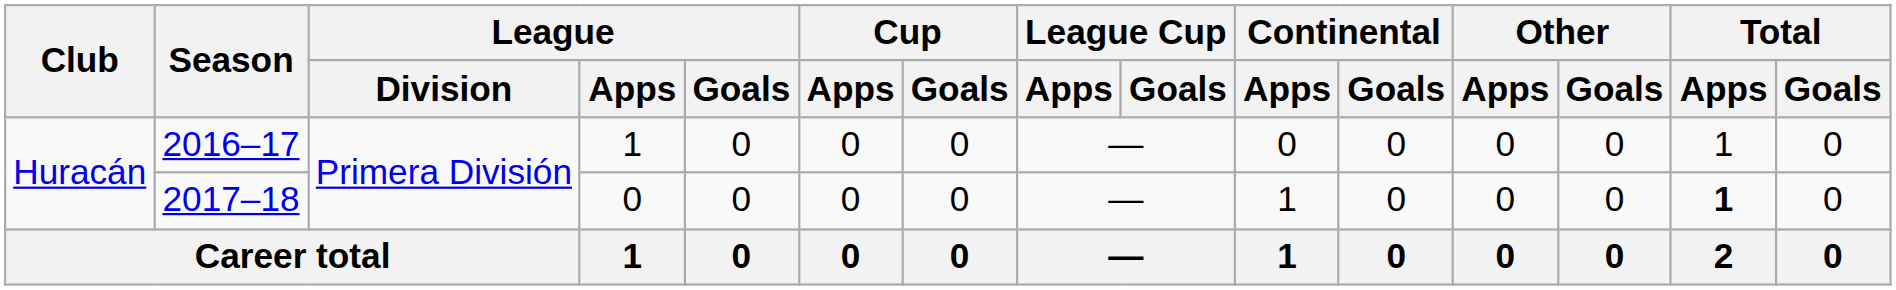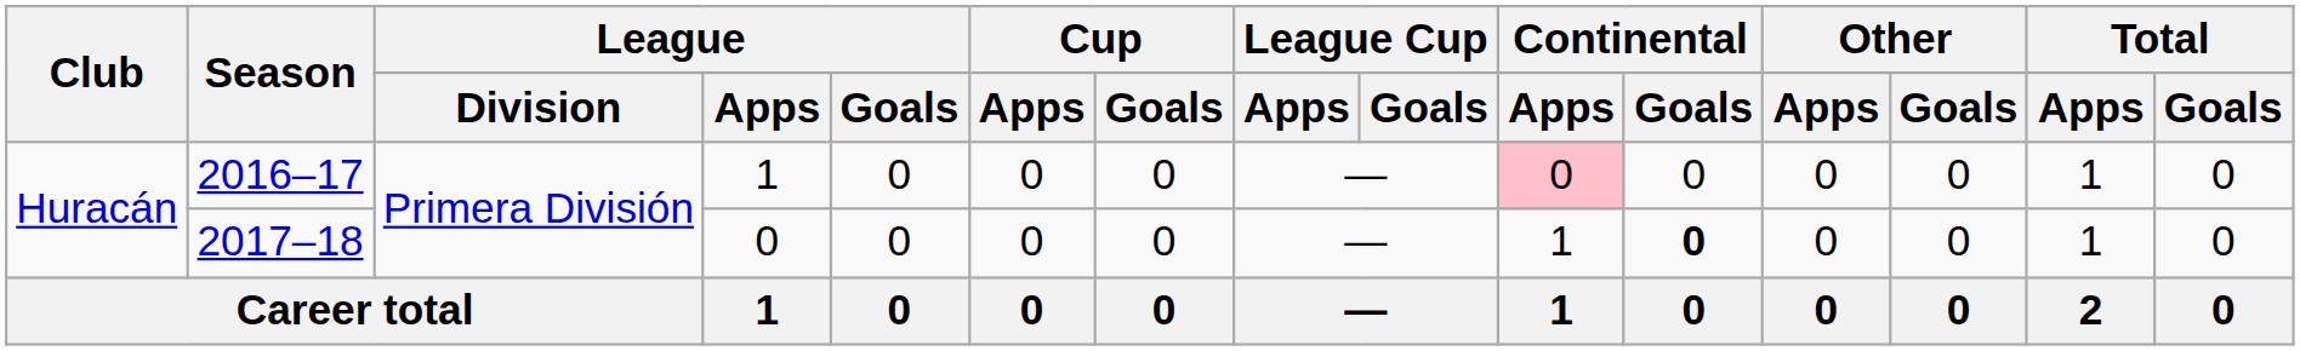 <table class="wikitable" style="text-align:center">
 <tr>
 <th rowspan="2">Club</th>
 <th rowspan="2">Season</th>
 <th colspan="3">League</th>
 <th colspan="2">Cup</th>
 <th colspan="2">League Cup</th>
 <th colspan="2">Continental</th>
 <th colspan="2">Other</th>
 <th colspan="2">Total</th>
 </tr>
 <tr>
 <th>Division</th>
 <th>Apps</th>
 <th>Goals</th>
 <th>Apps</th>
 <th>Goals</th>
 <th>Apps</th>
 <th>Goals</th>
 <th>Apps</th>
 <th>Goals</th>
 <th>Apps</th>
 <th>Goals</th>
 <th>Apps</th>
 <th>Goals</th>
 </tr>
 <tr>
 <td rowspan="2"><a href='#'>Huracán</a></td>
 <td><a href='#'>2016–17</a></td>
 <td rowspan="2"><a href='#'>Primera División</a></td>
 <td>1</td>
 <td>0</td>
 <td>0</td>
 <td>0</td>
 <td colspan="2">—</td>
-<td>0</td>
+<td style="background: pink;">0</td>
 <td>0</td>
 <td>0</td>
 <td>0</td>
 <td>1</td>
 <td>0</td>
 </tr>
 <tr>
 <td><a href='#'>2017–18</a></td>
 <td>0</td>
 <td>0</td>
 <td>0</td>
 <td>0</td>
 <td colspan="2">—</td>
 <td>1</td>
+<td><strong>0</strong></td>
 <td>0</td>
 <td>0</td>
-<td>0</td>
-<td><strong>1</strong></td>
+<td>1</td>
 <td>0</td>
 </tr>
 <tr>
 <th colspan="3">Career total</th>
 <th>1</th>
 <th>0</th>
 <th>0</th>
 <th>0</th>
 <th colspan="2">—</th>
 <th>1</th>
 <th>0</th>
 <th>0</th>
 <th>0</th>
 <th>2</th>
 <th>0</th>
 </tr>
 </table>
